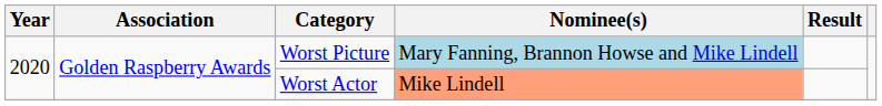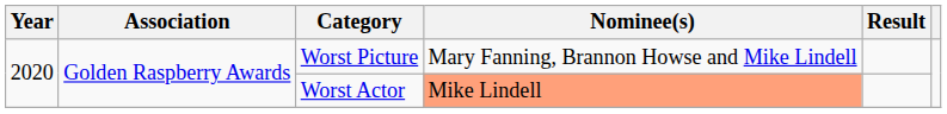 <table class="wikitable sortable">
 <tr>
 <th>Year</th>
 <th>Association</th>
 <th>Category</th>
 <th>Nominee(s)</th>
 <th>Result</th>
 <th class="unsortable"></th>
 </tr>
 <tr>
 <td style="text-align: center;" rowspan=2>2020</td>
 <td rowspan=2><a href='#'>Golden Raspberry Awards</a></td>
 <td><a href='#'>Worst Picture</a></td>
-<td style="background: lightblue;">Mary Fanning, Brannon Howse and <a href='#'>Mike Lindell</a></td>
+<td>Mary Fanning, Brannon Howse and <a href='#'>Mike Lindell</a></td>
 <td></td>
 <td style="text-align: center;" rowspan=2></td>
 </tr>
 <tr>
 <td><a href='#'>Worst Actor</a></td>
 <td style="background: lightsalmon;">Mike Lindell</td>
 <td></td>
 </tr>
 <tr>
 </tr>
 </table>
